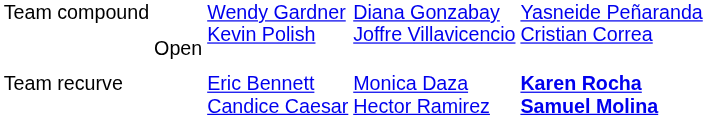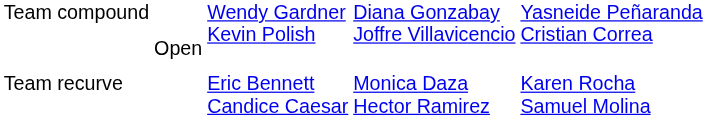 <table>
 <tr>
 <td>Team compound<br></td>
 <td rowspan=2>Open</td>
 <td><br><a href='#'>Wendy Gardner</a><br><a href='#'>Kevin Polish</a></td>
 <td><br><a href='#'>Diana Gonzabay</a><br><a href='#'>Joffre Villavicencio</a></td>
 <td><br><a href='#'>Yasneide Peñaranda</a><br><a href='#'>Cristian Correa</a></td>
 </tr>
 <tr>
 <td>Team recurve<br></td>
 <td><br><a href='#'>Eric Bennett</a><br><a href='#'>Candice Caesar</a></td>
 <td><br><a href='#'>Monica Daza</a><br><a href='#'>Hector Ramirez</a></td>
-<td><strong><br><a href='#'>Karen Rocha</a><br><a href='#'>Samuel Molina</a></strong></td>
+<td><br><a href='#'>Karen Rocha</a><br><a href='#'>Samuel Molina</a></td>
 </tr>
 </table>
